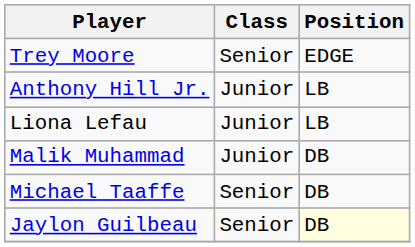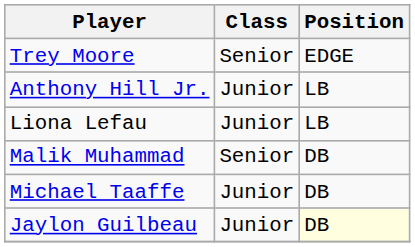 <table class="wikitable">
 <tr>
 <th style="text-align:center; ">Player</th>
 <th style="text-align:center; ">Class</th>
 <th style="text-align:center; ">Position</th>
 </tr>
 <tr>
 <td><a href='#'>Trey Moore</a></td>
 <td>Senior</td>
 <td>EDGE</td>
 </tr>
 <tr>
 <td><a href='#'>Anthony Hill Jr.</a></td>
 <td>Junior</td>
 <td>LB</td>
 </tr>
 <tr>
 <td>Liona Lefau</td>
 <td>Junior</td>
 <td>LB</td>
 </tr>
 <tr>
 <td><a href='#'>Malik Muhammad</a></td>
+<td>Senior</td>
+<td>DB</td>
+</tr>
+<tr>
+<td><a href='#'>Michael Taaffe</a></td>
 <td>Junior</td>
 <td>DB</td>
 </tr>
 <tr>
-<td><a href='#'>Michael Taaffe</a></td>
-<td>Senior</td>
-<td>DB</td>
-</tr>
-<tr>
 <td><a href='#'>Jaylon Guilbeau</a></td>
-<td>Senior</td>
+<td>Junior</td>
 <td style="background: lightyellow;">DB</td>
 </tr>
 <tr>
 </tr>
 </table>
